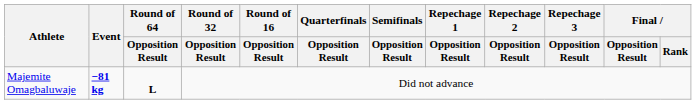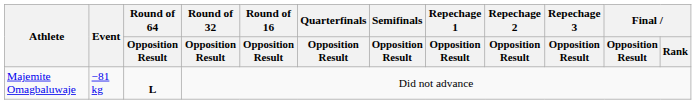 <table class="wikitable" style="font-size:90%">
 <tr>
 <th rowspan="2">Athlete</th>
 <th rowspan="2">Event</th>
 <th>Round of 64</th>
 <th>Round of 32</th>
 <th>Round of 16</th>
 <th>Quarterfinals</th>
 <th>Semifinals</th>
 <th>Repechage 1</th>
 <th>Repechage 2</th>
 <th>Repechage 3</th>
 <th colspan=2>Final / </th>
 </tr>
 <tr style="font-size:95%">
 <th>Opposition<br>Result</th>
 <th>Opposition<br>Result</th>
 <th>Opposition<br>Result</th>
 <th>Opposition<br>Result</th>
 <th>Opposition<br>Result</th>
 <th>Opposition<br>Result</th>
 <th>Opposition<br>Result</th>
 <th>Opposition<br>Result</th>
 <th>Opposition<br>Result</th>
 <th>Rank</th>
 </tr>
 <tr align=center>
 <td align=left><a href='#'>Majemite Omagbaluwaje</a></td>
-<td align=left><strong><a href='#'>−81 kg</a></strong></td>
+<td align=left><a href='#'>−81 kg</a></td>
 <td><br><strong>L</strong></td>
 <td colspan=10>Did not advance</td>
 </tr>
 </table>
